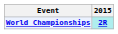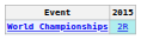 <table style='font-size: 90%; text-align:center;' class='wikitable'>
 <tr>
 <th>Event</th>
 <th>2015</th>
 </tr>
 <tr>
 <td bgcolor="#ECF2FF"; align="left"><strong><a href='#'>World Championships</a></strong></td>
-<td bgcolor=AFEEEE><strong><a href='#'>2R</a></strong></td>
+<td bgcolor=AFEEEE><a href='#'>2R</a></td>
 </tr>
 </table>
